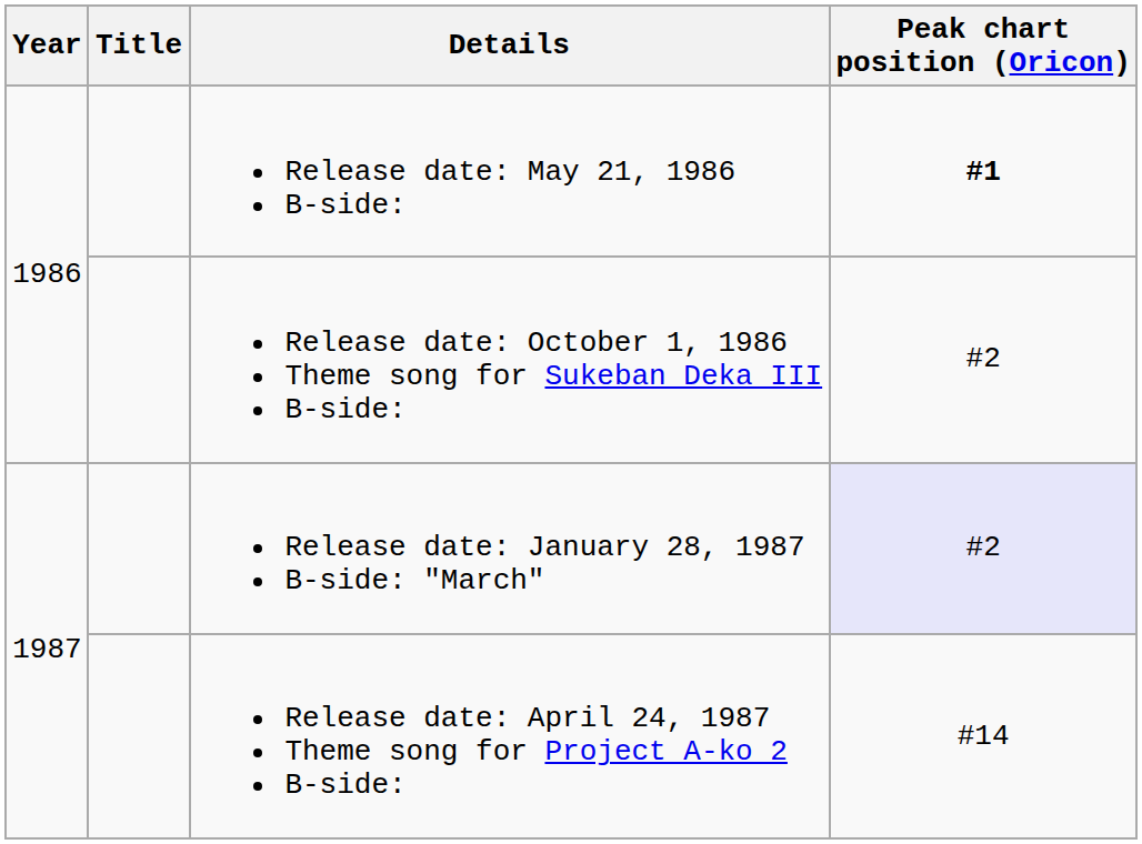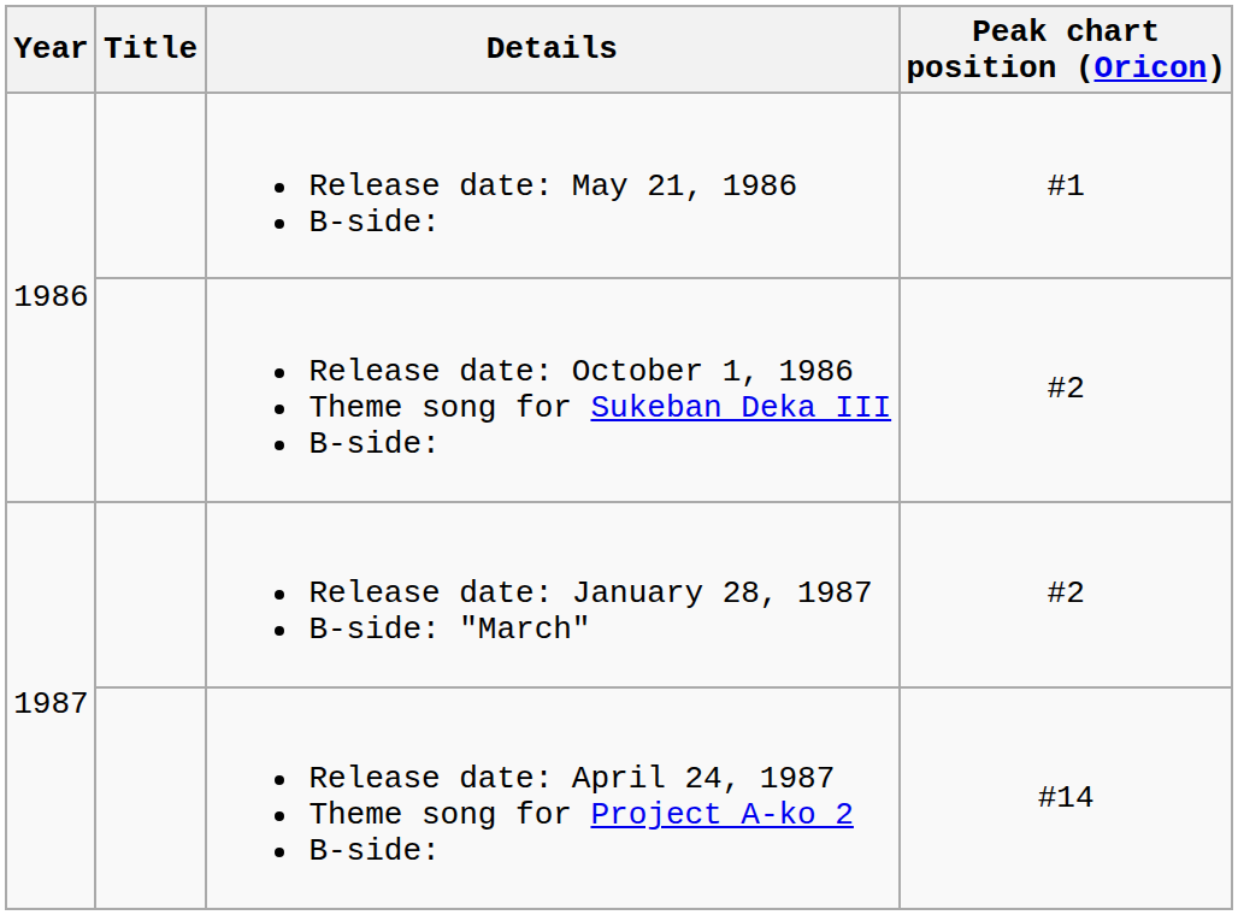 <table class="wikitable">
 <tr>
 <th>Year</th>
 <th>Title</th>
 <th>Details</th>
 <th>Peak chart<br>position (<a href='#'>Oricon</a>)</th>
 </tr>
 <tr>
 <td rowspan="2">1986</td>
 <td></td>
 <td><br><ul><li>Release date: May 21, 1986</li><li>B-side: </li></ul></td>
-<td style="text-align:center;"><strong>#1</strong></td>
+<td style="text-align:center;">#1</td>
 </tr>
 <tr>
 <td></td>
 <td><br><ul><li>Release date: October 1, 1986</li><li>Theme song for <a href='#'>Sukeban Deka III</a></li><li>B-side: </li></ul></td>
 <td style="text-align:center;">#2</td>
 </tr>
 <tr>
 <td rowspan="2">1987</td>
 <td></td>
 <td><br><ul><li>Release date: January 28, 1987</li><li>B-side: "March"</li></ul></td>
-<td style="background: lavender; text-align:center;">#2</td>
+<td style="text-align:center;">#2</td>
 </tr>
 <tr>
 <td></td>
 <td><br><ul><li>Release date: April 24, 1987</li><li>Theme song for <a href='#'>Project A-ko 2</a></li><li>B-side: </li></ul></td>
 <td style="text-align:center;">#14</td>
 </tr>
 </table>
